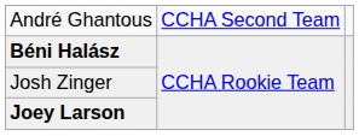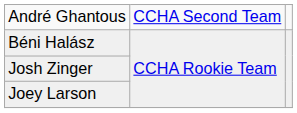 <table class="wikitable">
 <tr>
 <td>André Ghantous</td>
 <td rowspan=1><a href='#'>CCHA Second Team</a></td>
 <td rowspan=1></td>
 </tr>
 <tr bgcolor=f0f0f0>
-<td><strong>Béni Halász</strong></td>
+<td>Béni Halász</td>
 <td rowspan=3><a href='#'>CCHA Rookie Team</a></td>
 <td rowspan=3></td>
 </tr>
 <tr bgcolor=f0f0f0>
 <td>Josh Zinger</td>
 </tr>
 <tr bgcolor=f0f0f0>
-<td><strong>Joey Larson</strong></td>
+<td>Joey Larson</td>
 </tr>
 <tr>
 </tr>
 </table>
